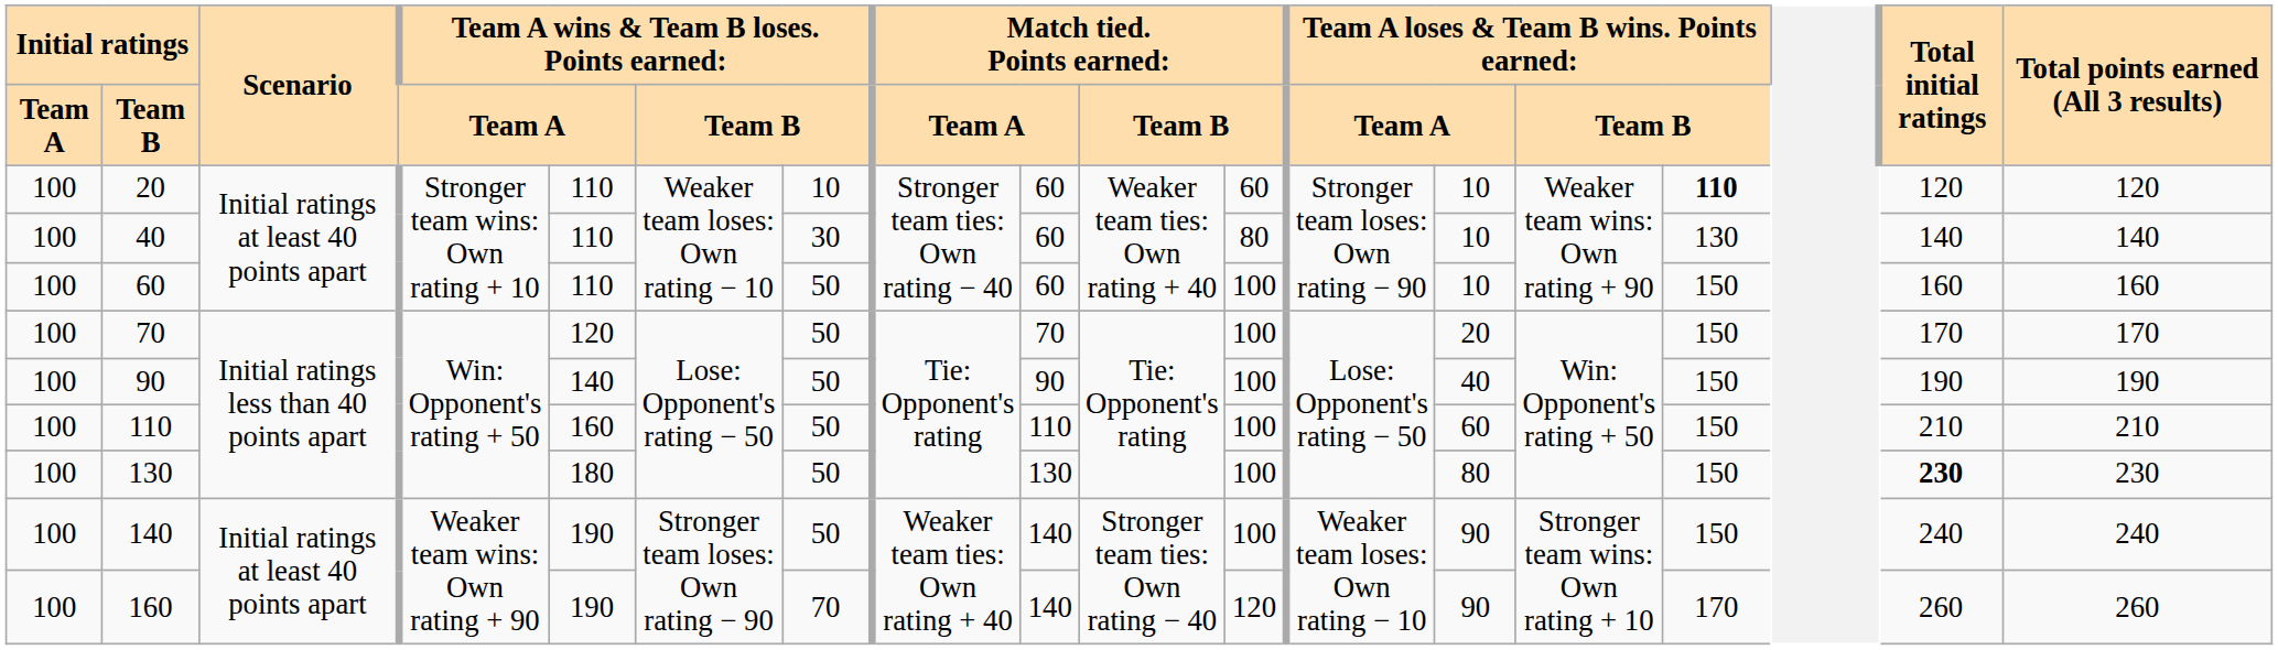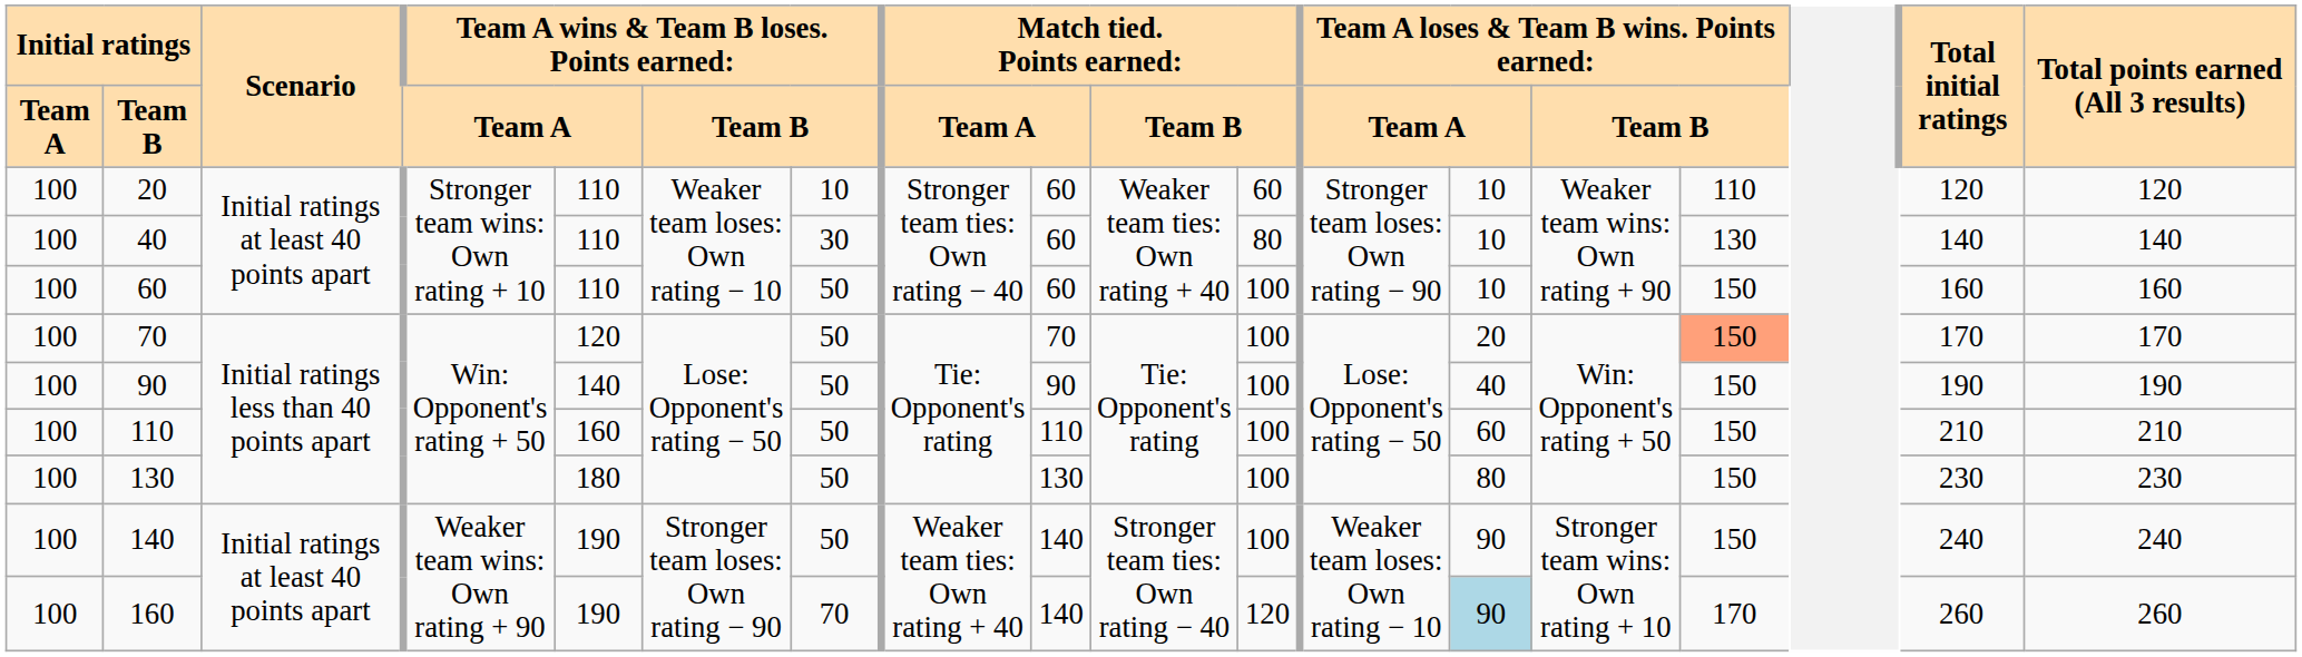 <table class="wikitable" style="float: center; margin: 1em 1em 1em 1em; text-align:center;">
 <tr>
 <th colspan="2" style="background: #ffdead;">Initial ratings</th>
 <th rowspan="2" width="100pt" style="background: #ffdead;">Scenario</th>
 <th colspan="4" style="border-width:0 0 0 4px;border-style:solid;border-color:pale grey;background: #ffdead;">Team A wins & Team B loses.<br>Points earned:</th>
 <th colspan="4" style="border-width:0 0 0 4px;border-style:solid;border-color:pale grey;background: #ffdead;">Match tied.<br>Points earned:</th>
 <th colspan="4" style="border-width:0 1px 0 4px;border-style:solid;border-color:pale grey;background: #ffdead;">Team A loses & Team B wins. Points earned:</th>
 <th rowspan="12" style="border-style:solid;border-color:white;" width="50pt"></th>
 <th rowspan="2" style="border-width:0 0 0 4px;border-style:solid;border-color:pale grey;background:#ffdead;" width="30pt">Total initial ratings</th>
 <th rowspan="2" style="border-width:0 0 0 1px;border-style:solid;border-color:pale grey;background:#ffdead;">Total points earned (All 3 results)</th>
 </tr>
 <tr>
 <td style="background: #ffdead;"><strong>Team A</strong></td>
 <td style="background: #ffdead;"><strong>Team B</strong></td>
 <td colspan="2" style="background: #ffdead;"><strong>Team A</strong></td>
 <td colspan="2" style="background: #ffdead;"><strong>Team B</strong></td>
 <td colspan="2" style="border-width:1px 1px 1px 4px;border-style:solid;border-color:pale grey;background: #ffdead;"><strong>Team A</strong></td>
 <td colspan="2" style="background: #ffdead;"><strong>Team B</strong></td>
 <td colspan="2" style="border-width:1px 1px 1px 4px;border-style:solid;border-color:pale grey;background: #ffdead;"><strong>Team A</strong></td>
 <td colspan="2" style="background: #ffdead;"><strong>Team B</strong></td>
 </tr>
 <tr>
 <td>100</td>
 <td>20</td>
 <td rowspan="3">Initial ratings at least 40 points apart</td>
 <td rowspan="3" width="35pt" style="border-width:1px 1px 1px 4px;border-style:solid;border-color:pale grey;"><span>Stronger team wins: Own rating + 10</span></td>
 <td width="40pt">110</td>
 <td rowspan="3" width="35pt"><span>Weaker team loses: Own rating − 10</span></td>
 <td width="40pt">10</td>
 <td rowspan="3" width="35pt" style="border-width:1px 1px 1px 4px;border-style:solid;border-color:pale grey;"><span>Stronger team ties: Own rating − 40</span></td>
 <td>60</td>
 <td rowspan="3" width="35pt"><span>Weaker team ties: Own rating + 40</span></td>
 <td>60</td>
 <td rowspan="3" width="35pt" style="border-width:1px 1px 1px 4px;border-style:solid;border-color:pale grey;"><span>Stronger team loses: Own rating − 90</span></td>
 <td>10</td>
 <td rowspan="3" width="35pt"><span>Weaker team wins: Own rating + 90</span></td>
-<td><strong>110</strong></td>
+<td>110</td>
 <td width="60pt">120</td>
 <td>120</td>
 </tr>
 <tr>
 <td>100</td>
 <td>40</td>
 <td>110</td>
 <td>30</td>
 <td>60</td>
 <td>80</td>
 <td>10</td>
 <td>130</td>
 <td>140</td>
 <td>140</td>
 </tr>
 <tr>
 <td>100</td>
 <td>60</td>
 <td>110</td>
 <td>50</td>
 <td>60</td>
 <td>100</td>
 <td>10</td>
 <td>150</td>
 <td>160</td>
 <td>160</td>
 </tr>
 <tr>
 <td>100</td>
 <td>70</td>
 <td rowspan="4">Initial ratings less than 40 points apart</td>
 <td rowspan="4" style="border-width:1px 1px 1px 4px;border-style:solid;border-color:pale grey;"><span>Win: Opponent's rating + 50</span></td>
 <td>120</td>
 <td rowspan="4"><span>Lose: Opponent's rating − 50</span></td>
 <td>50</td>
 <td rowspan="4" width="35pt" style="border-width:1px 1px 1px 4px;border-style:solid;border-color:pale grey;"><span>Tie: Opponent's rating</span></td>
 <td>70</td>
 <td rowspan="4" width="35pt"><span>Tie: Opponent's rating</span></td>
 <td>100</td>
 <td rowspan="4" width="35pt" style="border-width:1px 1px 1px 4px;border-style:solid;border-color:pale grey;"><span>Lose: Opponent's rating − 50</span></td>
 <td>20</td>
 <td rowspan="4" width="35pt"><span>Win: Opponent's rating + 50</span></td>
-<td>150</td>
+<td style="background: lightsalmon;">150</td>
 <td>170</td>
 <td>170</td>
 </tr>
 <tr>
 <td>100</td>
 <td>90</td>
 <td>140</td>
 <td>50</td>
 <td>90</td>
 <td>100</td>
 <td>40</td>
 <td>150</td>
 <td>190</td>
 <td>190</td>
 </tr>
 <tr>
 <td>100</td>
 <td>110</td>
 <td>160</td>
 <td>50</td>
 <td>110</td>
 <td>100</td>
 <td>60</td>
 <td>150</td>
 <td>210</td>
 <td>210</td>
 </tr>
 <tr>
 <td>100</td>
 <td>130</td>
 <td>180</td>
 <td>50</td>
 <td>130</td>
 <td>100</td>
 <td>80</td>
 <td>150</td>
-<td><strong>230</strong></td>
+<td>230</td>
 <td>230</td>
 </tr>
 <tr>
 <td>100</td>
 <td>140</td>
 <td rowspan="2">Initial ratings at least 40 points apart</td>
 <td rowspan="3" style="border-width:1px 1px 1px 4px;border-style:solid;border-color:pale grey;"><span>Weaker team wins: Own rating + 90</span></td>
 <td>190</td>
 <td rowspan="2"><span>Stronger team loses: Own rating − 90</span></td>
 <td>50</td>
 <td rowspan="2" width="35pt" style="border-width:1px 1px 1px 4px;border-style:solid;border-color:pale grey;"><span>Weaker team ties: Own rating + 40</span></td>
 <td>140</td>
 <td rowspan="2" width="35pt"><span>Stronger team ties: Own rating − 40</span></td>
 <td>100</td>
 <td rowspan="2" width="35pt" style="border-width:1px 1px 1px 4px;border-style:solid;border-color:pale grey;"><span>Weaker team loses: Own rating − 10</span></td>
 <td>90</td>
 <td rowspan="2" width="35pt"><span>Stronger team wins: Own rating + 10</span></td>
 <td>150</td>
 <td>240</td>
 <td>240</td>
 </tr>
 <tr>
 <td>100</td>
 <td>160</td>
 <td>190</td>
 <td>70</td>
 <td>140</td>
 <td>120</td>
-<td>90</td>
+<td style="background: lightblue;">90</td>
 <td>170</td>
 <td>260</td>
 <td>260</td>
 </tr>
 </table>
